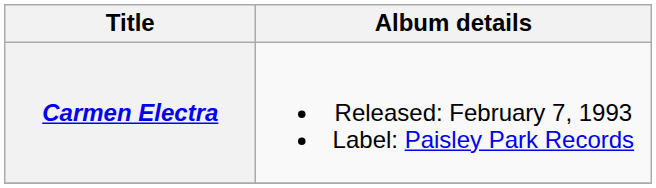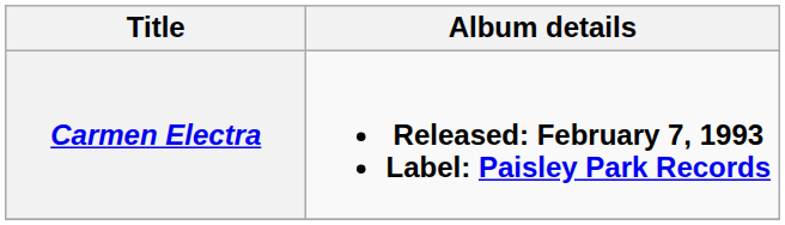 <table class="wikitable plainrowheaders" style="text-align:center;">
 <tr>
 <th scope="col" style="width:10em;">Title</th>
 <th scope="col" style="width:16em;">Album details</th>
 </tr>
 <tr>
 <th scope="row"><a href='#'><em>Carmen Electra</em></a></th>
-<td><br><ul><li>Released: February 7, 1993</li><li>Label: <a href='#'>Paisley Park Records</a></li></ul></td>
+<td><strong><br><ul><li>Released: February 7, 1993</li><li>Label: <a href='#'>Paisley Park Records</a></li></ul></strong></td>
 </tr>
 <tr>
 </tr>
 </table>
